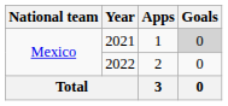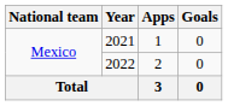 <table class="wikitable" style="text-align: center;">
 <tr>
 <th>National team</th>
 <th>Year</th>
 <th>Apps</th>
 <th>Goals</th>
 </tr>
 <tr>
 <td rowspan="2" valign="center"><a href='#'>Mexico</a></td>
 <td>2021</td>
 <td>1</td>
-<td style="background: lightgrey;">0</td>
+<td>0</td>
 </tr>
 <tr>
 <td>2022</td>
 <td>2</td>
 <td>0</td>
 </tr>
 <tr>
 <th colspan="2">Total</th>
 <th>3</th>
 <th>0</th>
 </tr>
 </table>
